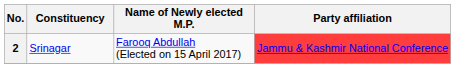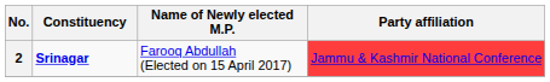 <table class="sortable wikitable" style="font-size: 100%;">
 <tr bgcolor="#CCCCCC" align="center">
 <th>No.</th>
 <th style="width:120px">Constituency</th>
 <th style="width:200px">Name of Newly elected M.P.</th>
 <th>Party affiliation</th>
 </tr>
 <tr>
 <th>2</th>
-<td><a href='#'>Srinagar</a></td>
+<td><strong><a href='#'>Srinagar</a></strong></td>
 <td><a href='#'>Farooq Abdullah</a><br>(Elected on 15 April 2017)</td>
 <td bgcolor=#FF3D3D><a href='#'>Jammu & Kashmir National Conference</a></td>
 </tr>
 <tr>
 </tr>
 </table>
